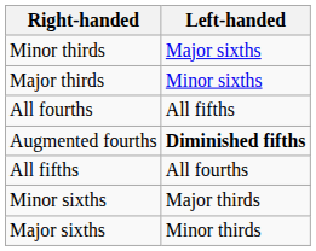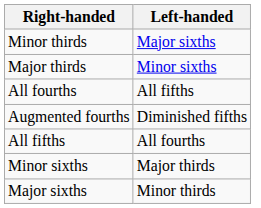 <table class="wikitable">
 <tr>
 <th>Right-handed</th>
 <th>Left-handed</th>
 </tr>
 <tr>
 <td>Minor thirds</td>
 <td><a href='#'>Major sixths</a></td>
 </tr>
 <tr>
 <td>Major thirds</td>
 <td><a href='#'>Minor sixths</a></td>
 </tr>
 <tr>
 <td>All fourths</td>
 <td>All fifths</td>
 </tr>
 <tr>
 <td>Augmented fourths</td>
-<td><strong>Diminished fifths</strong></td>
+<td>Diminished fifths</td>
 </tr>
 <tr>
 <td>All fifths</td>
 <td>All fourths</td>
 </tr>
 <tr>
 <td>Minor sixths</td>
 <td>Major thirds</td>
 </tr>
 <tr>
 <td>Major sixths</td>
 <td>Minor thirds</td>
 </tr>
 </table>
